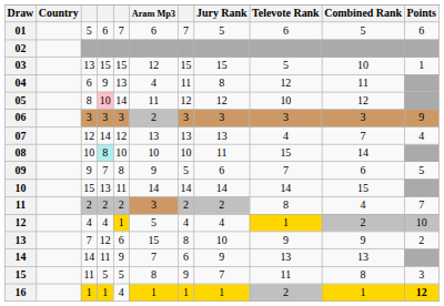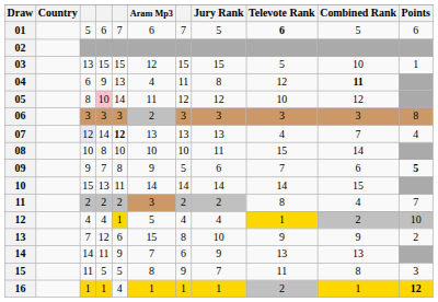 <table class="sortable wikitable collapsible plainrowheaders" style="text-align:center;">
 <tr>
 </tr>
 <tr>
 <th scope="col">Draw</th>
 <th scope="col">Country</th>
 <th scope="col"><small></small></th>
 <th scope="col"><small></small></th>
 <th scope="col"><small></small></th>
 <th scope="col"><small>Aram Mp3</small></th>
 <th scope="col"><small></small></th>
 <th scope="col">Jury Rank</th>
 <th scope="col">Televote Rank</th>
 <th scope="col">Combined Rank</th>
 <th scope="col">Points</th>
 </tr>
 <tr>
 <th scope="row" style="text-align:center;">01</th>
 <td style="text-align:left;"></td>
 <td>5</td>
 <td>6</td>
 <td>7</td>
 <td>6</td>
 <td>7</td>
 <td>5</td>
-<td>6</td>
+<td><strong>6</strong></td>
 <td>5</td>
 <td>6</td>
 </tr>
 <tr class="sortbottom">
 <th scope="row" style="text-align:center;">02</th>
 <td style="text-align:left;"></td>
 <td style="background:#AAAAAA;"></td>
 <td style="background:#AAAAAA;"></td>
 <td style="background:#AAAAAA;"></td>
 <td style="background:#AAAAAA;"></td>
 <td style="background:#AAAAAA;"></td>
 <td style="background:#AAAAAA;"></td>
 <td style="background:#AAAAAA;"></td>
 <td style="background:#AAAAAA;"></td>
 <td style="background:#AAAAAA;"></td>
 </tr>
 <tr>
 <th scope="row" style="text-align:center;">03</th>
 <td style="text-align:left;"></td>
 <td>13</td>
 <td>15</td>
 <td>15</td>
 <td>12</td>
 <td>15</td>
 <td>15</td>
 <td>5</td>
 <td>10</td>
 <td>1</td>
 </tr>
 <tr>
 <th scope="row" style="text-align:center;">04</th>
 <td style="text-align:left;"></td>
 <td>6</td>
 <td>9</td>
 <td>13</td>
 <td>4</td>
 <td>11</td>
 <td>8</td>
 <td>12</td>
-<td>11</td>
+<td><strong>11</strong></td>
 <td style="background:#AAAAAA;"></td>
 </tr>
 <tr>
 <th scope="row" style="text-align:center;">05</th>
 <td style="text-align:left;"></td>
 <td>8</td>
 <td style="background: pink;">10</td>
 <td>14</td>
 <td>11</td>
 <td>12</td>
 <td>12</td>
 <td>10</td>
 <td>12</td>
 <td style="background:#AAAAAA;"></td>
 </tr>
 <tr>
 <th scope="row" style="text-align:center;">06</th>
 <td style="text-align:left;"></td>
 <td style="background:#CC9966;">3</td>
 <td style="background:#CC9966;">3</td>
 <td style="background:#CC9966;">3</td>
 <td style="background:silver;">2</td>
 <td style="background:#CC9966;">3</td>
 <td style="background:#CC9966;">3</td>
 <td style="background:#CC9966;">3</td>
 <td style="background:#CC9966;">3</td>
-<td style="background:#CC9966;">9</td>
+<td style="background:#CC9966;">8</td>
 </tr>
 <tr>
 <th scope="row" style="text-align:center;">07</th>
 <td style="text-align:left;"></td>
-<td>12</td>
+<td style="background: lavender;">12</td>
 <td>14</td>
-<td>12</td>
+<td><strong>12</strong></td>
 <td>13</td>
 <td>13</td>
 <td>13</td>
 <td>4</td>
 <td>7</td>
 <td>4</td>
 </tr>
 <tr>
 <th scope="row" style="text-align:center;">08</th>
 <td style="text-align:left;"></td>
 <td>10</td>
-<td style="background: paleturquoise;">8</td>
+<td>8</td>
 <td>10</td>
 <td>10</td>
 <td>10</td>
 <td>11</td>
 <td>15</td>
 <td>14</td>
 <td style="background:#AAAAAA;"></td>
 </tr>
 <tr>
 <th scope="row" style="text-align:center;">09</th>
 <td style="text-align:left;"></td>
 <td>9</td>
 <td>7</td>
 <td>8</td>
 <td>9</td>
 <td>5</td>
 <td>6</td>
 <td>7</td>
 <td>6</td>
-<td>5</td>
+<td><strong>5</strong></td>
 </tr>
 <tr>
 <th scope="row" style="text-align:center;">10</th>
 <td style="text-align:left;"></td>
 <td>15</td>
 <td>13</td>
 <td>11</td>
 <td>14</td>
 <td>14</td>
 <td>14</td>
 <td>14</td>
 <td>15</td>
 <td style="background:#AAAAAA;"></td>
 </tr>
 <tr>
 <th scope="row" style="text-align:center;">11</th>
 <td style="text-align:left;"></td>
 <td style="background:silver;">2</td>
 <td style="background:silver;">2</td>
 <td style="background:silver;">2</td>
 <td style="background:#CC9966;">3</td>
 <td style="background:silver;">2</td>
 <td style="background:silver;">2</td>
 <td>8</td>
 <td>4</td>
 <td>7</td>
 </tr>
 <tr>
 <th scope="row" style="text-align:center;">12</th>
 <td style="text-align:left;"></td>
 <td>4</td>
 <td>4</td>
 <td style="background:gold;">1</td>
 <td>5</td>
 <td>4</td>
 <td>4</td>
 <td style="background:gold;">1</td>
 <td style="background:silver;">2</td>
 <td style="background:silver;">10</td>
 </tr>
 <tr>
 <th scope="row" style="text-align:center;">13</th>
 <td style="text-align:left;"></td>
 <td>7</td>
 <td>12</td>
 <td>6</td>
 <td>15</td>
 <td>8</td>
 <td>10</td>
 <td>9</td>
 <td>9</td>
 <td>2</td>
 </tr>
 <tr>
 <th scope="row" style="text-align:center;">14</th>
 <td style="text-align:left;"></td>
 <td>14</td>
 <td>11</td>
 <td>9</td>
 <td>7</td>
 <td>6</td>
 <td>9</td>
 <td>13</td>
 <td>13</td>
 <td style="background:#AAAAAA;"></td>
 </tr>
 <tr>
 <th scope="row" style="text-align:center;">15</th>
 <td style="text-align:left;"></td>
 <td>11</td>
 <td>5</td>
 <td>5</td>
 <td>8</td>
 <td>9</td>
 <td>7</td>
 <td>11</td>
 <td>8</td>
 <td>3</td>
 </tr>
 <tr>
 <th scope="row" style="text-align:center;">16</th>
 <td style="text-align:left;"></td>
 <td style="background:gold;">1</td>
 <td style="background:gold;">1</td>
 <td>4</td>
 <td style="background:gold;">1</td>
 <td style="background:gold;">1</td>
 <td style="background:gold;">1</td>
 <td style="background:silver;">2</td>
 <td style="background:gold;">1</td>
 <td style="background:gold;"><strong>12</strong></td>
 </tr>
 </table>
